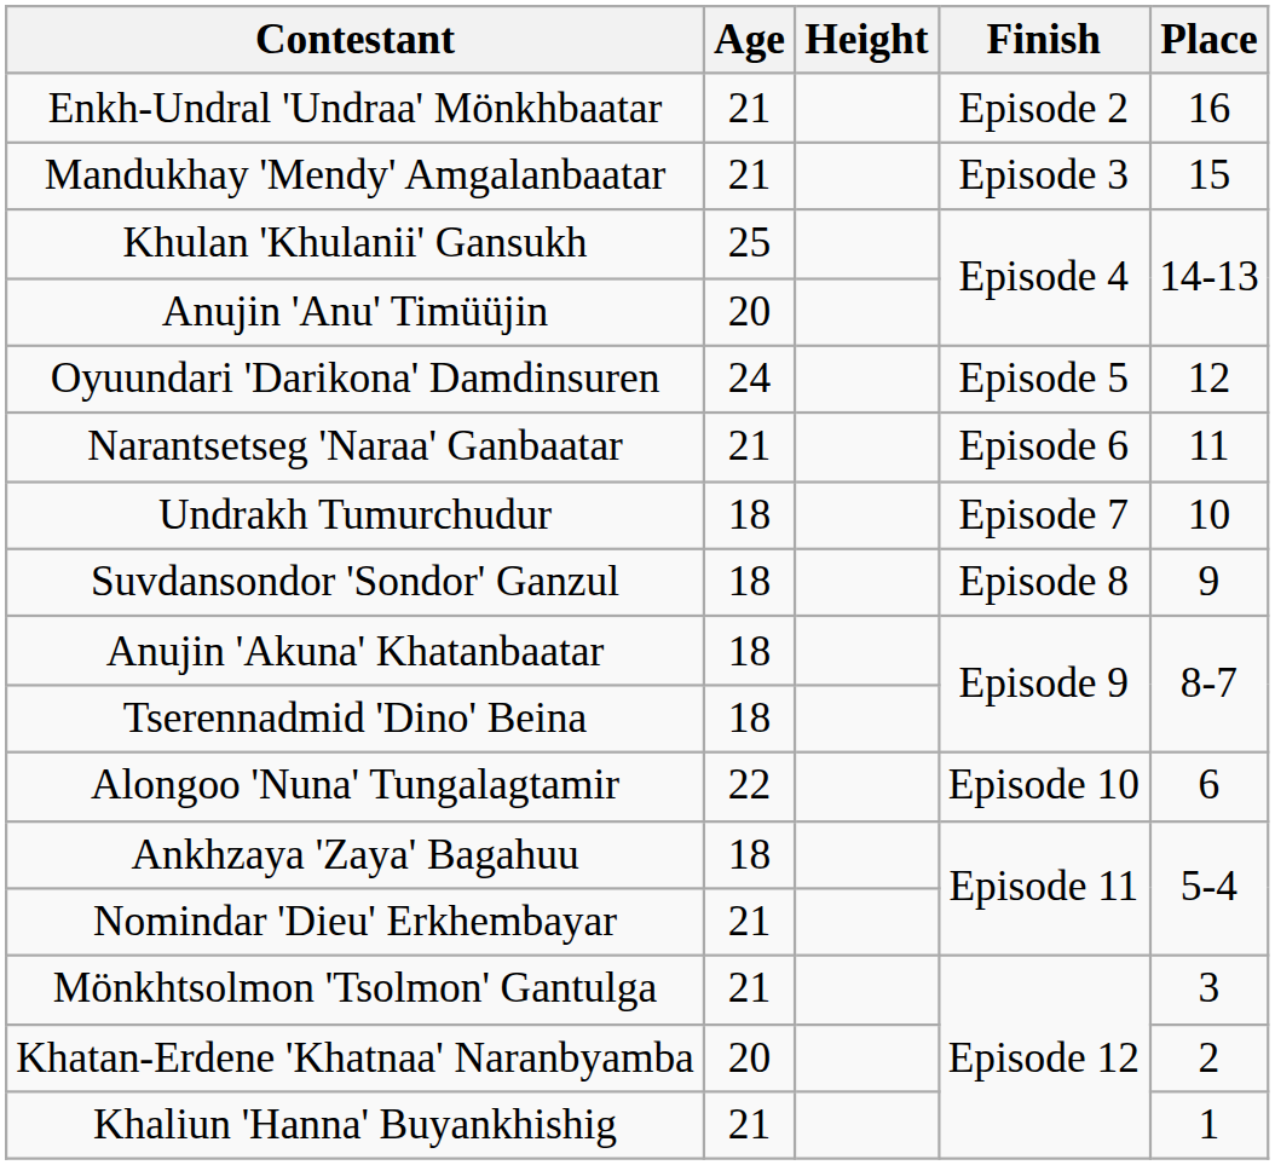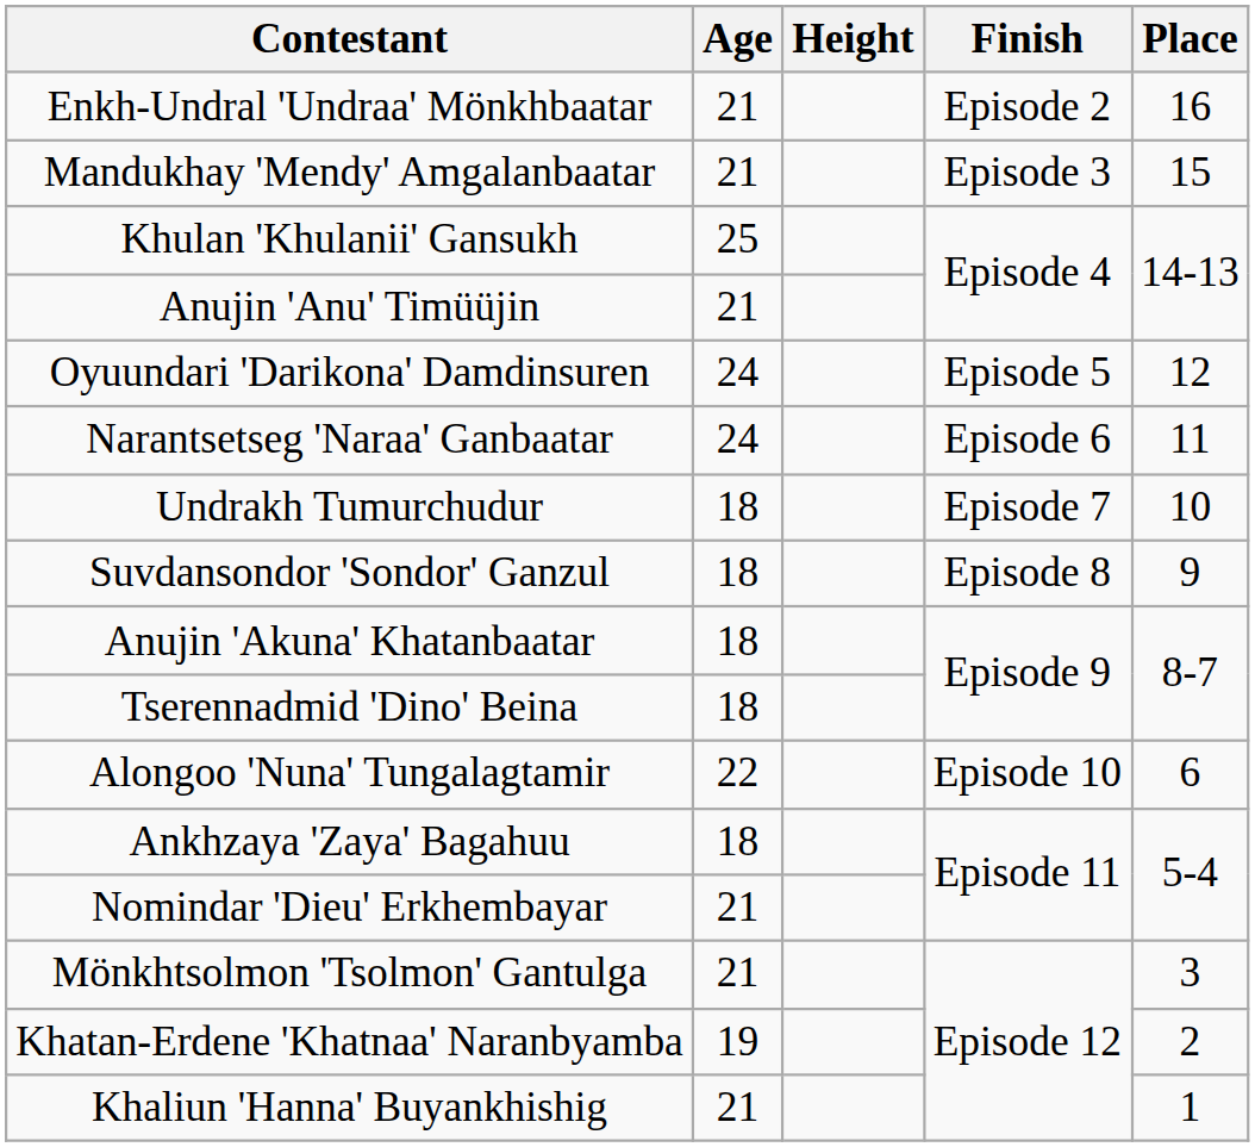 <table class="wikitable sortable" style="text-align:center;">
 <tr>
 <th>Contestant</th>
 <th>Age</th>
 <th>Height</th>
 <th>Finish</th>
 <th>Place</th>
 </tr>
 <tr>
 <td>Enkh-Undral 'Undraa' Mönkhbaatar</td>
 <td>21</td>
 <td></td>
 <td>Episode 2</td>
 <td>16</td>
 </tr>
 <tr>
 <td>Mandukhay 'Mendy' Amgalanbaatar</td>
 <td>21</td>
 <td></td>
 <td>Episode 3</td>
 <td>15</td>
 </tr>
 <tr>
 <td>Khulan 'Khulanii' Gansukh</td>
 <td>25</td>
 <td></td>
 <td rowspan="2">Episode 4</td>
 <td rowspan="2">14-13</td>
 </tr>
 <tr>
 <td>Anujin 'Anu' Timüüjin</td>
-<td>20</td>
+<td>21</td>
 <td></td>
 </tr>
 <tr>
 <td>Oyuundari 'Darikona' Damdinsuren</td>
 <td>24</td>
 <td></td>
 <td>Episode 5</td>
 <td>12</td>
 </tr>
 <tr>
 <td>Narantsetseg 'Naraa' Ganbaatar</td>
-<td>21</td>
+<td>24</td>
 <td></td>
 <td>Episode 6</td>
 <td>11</td>
 </tr>
 <tr>
 <td>Undrakh Tumurchudur</td>
 <td>18</td>
 <td></td>
 <td>Episode 7</td>
 <td>10</td>
 </tr>
 <tr>
 <td>Suvdansondor 'Sondor' Ganzul</td>
 <td>18</td>
 <td></td>
 <td>Episode 8</td>
 <td>9</td>
 </tr>
 <tr>
 <td>Anujin 'Akuna' Khatanbaatar</td>
 <td>18</td>
 <td></td>
 <td rowspan="2">Episode 9</td>
 <td rowspan="2">8-7</td>
 </tr>
 <tr>
 <td>Tserennadmid 'Dino' Beina</td>
 <td>18</td>
 <td></td>
 </tr>
 <tr>
 <td>Alongoo 'Nuna' Tungalagtamir</td>
 <td>22</td>
 <td></td>
 <td>Episode 10</td>
 <td>6</td>
 </tr>
 <tr>
 <td>Ankhzaya 'Zaya' Bagahuu</td>
 <td>18</td>
 <td></td>
 <td rowspan="2">Episode 11</td>
 <td rowspan="2">5-4</td>
 </tr>
 <tr>
 <td>Nomindar 'Dieu' Erkhembayar</td>
 <td>21</td>
 <td></td>
 </tr>
 <tr>
 <td>Mönkhtsolmon 'Tsolmon' Gantulga</td>
 <td>21</td>
 <td></td>
 <td rowspan="3">Episode 12</td>
 <td>3</td>
 </tr>
 <tr>
 <td>Khatan-Erdene 'Khatnaa' Naranbyamba</td>
-<td>20</td>
+<td>19</td>
 <td></td>
 <td>2</td>
 </tr>
 <tr>
 <td>Khaliun 'Hanna' Buyankhishig</td>
 <td>21</td>
 <td></td>
 <td>1</td>
 </tr>
 </table>
